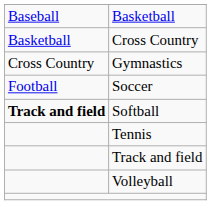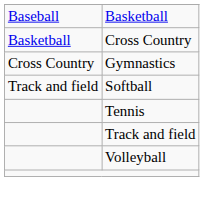 <table class="wikitable" style=" ">
 <tr>
 </tr>
 <tr>
 <td><a href='#'>Baseball</a></td>
 <td><a href='#'>Basketball</a></td>
 </tr>
 <tr>
 <td><a href='#'>Basketball</a></td>
 <td>Cross Country</td>
 </tr>
 <tr>
 <td>Cross Country</td>
 <td>Gymnastics</td>
 </tr>
 <tr>
-<td><a href='#'>Football</a></td>
-<td>Soccer</td>
-</tr>
-<tr>
-<td><strong>Track and field</strong></td>
+<td>Track and field</td>
 <td>Softball</td>
 </tr>
 <tr>
 <td></td>
 <td>Tennis</td>
 </tr>
 <tr>
 <td></td>
 <td>Track and field</td>
 </tr>
 <tr>
 <td></td>
 <td>Volleyball</td>
 </tr>
 <tr>
 <td colspan="2"></td>
 </tr>
 </table>
